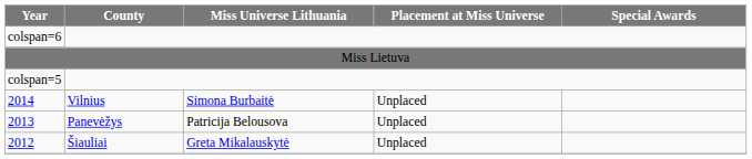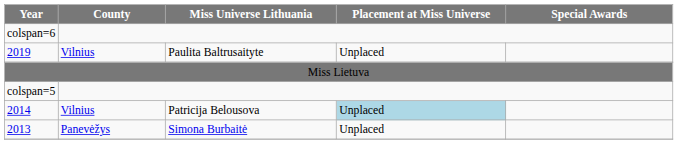 <table class="wikitable " style="font-size: 95%;">
 <tr>
 <th width="60" style="background-color:#787878;color:#FFFFFF;">Year</th>
 <th width="150" style="background-color:#787878;color:#FFFFFF;">County</th>
 <th width="250" style="background-color:#787878;color:#FFFFFF;">Miss Universe Lithuania</th>
 <th width="250" style="background-color:#787878;color:#FFFFFF;">Placement at Miss Universe</th>
 <th width="250" style="background-color:#787878;color:#FFFFFF;">Special Awards</th>
 </tr>
 <tr>
 <td>colspan=6 </td>
 </tr>
 <tr>
+<td><a href='#'>2019</a></td>
+<td><a href='#'>Vilnius</a></td>
+<td>Paulita Baltrusaityte</td>
+<td>Unplaced</td>
+<td></td>
+</tr>
+<tr>
 </tr>
 <tr bgcolor="#787878" align="center">
 <td colspan="5"><span>Miss Lietuva</span></td>
 </tr>
 <tr>
 <td>colspan=5 </td>
 </tr>
 <tr>
 <td><a href='#'>2014</a></td>
 <td><a href='#'>Vilnius</a></td>
-<td><a href='#'>Simona Burbaitė</a></td>
-<td>Unplaced</td>
+<td>Patricija Belousova</td>
+<td style="background: lightblue;">Unplaced</td>
 <td></td>
 </tr>
 <tr>
 <td><a href='#'>2013</a></td>
 <td><a href='#'>Panevėžys</a></td>
-<td>Patricija Belousova</td>
-<td>Unplaced</td>
-<td></td>
-</tr>
-<tr>
-<td><a href='#'>2012</a></td>
-<td><a href='#'>Šiauliai</a></td>
-<td><a href='#'>Greta Mikalauskytė</a></td>
+<td><a href='#'>Simona Burbaitė</a></td>
 <td>Unplaced</td>
 <td></td>
 </tr>
 <tr>
 </tr>
 </table>
